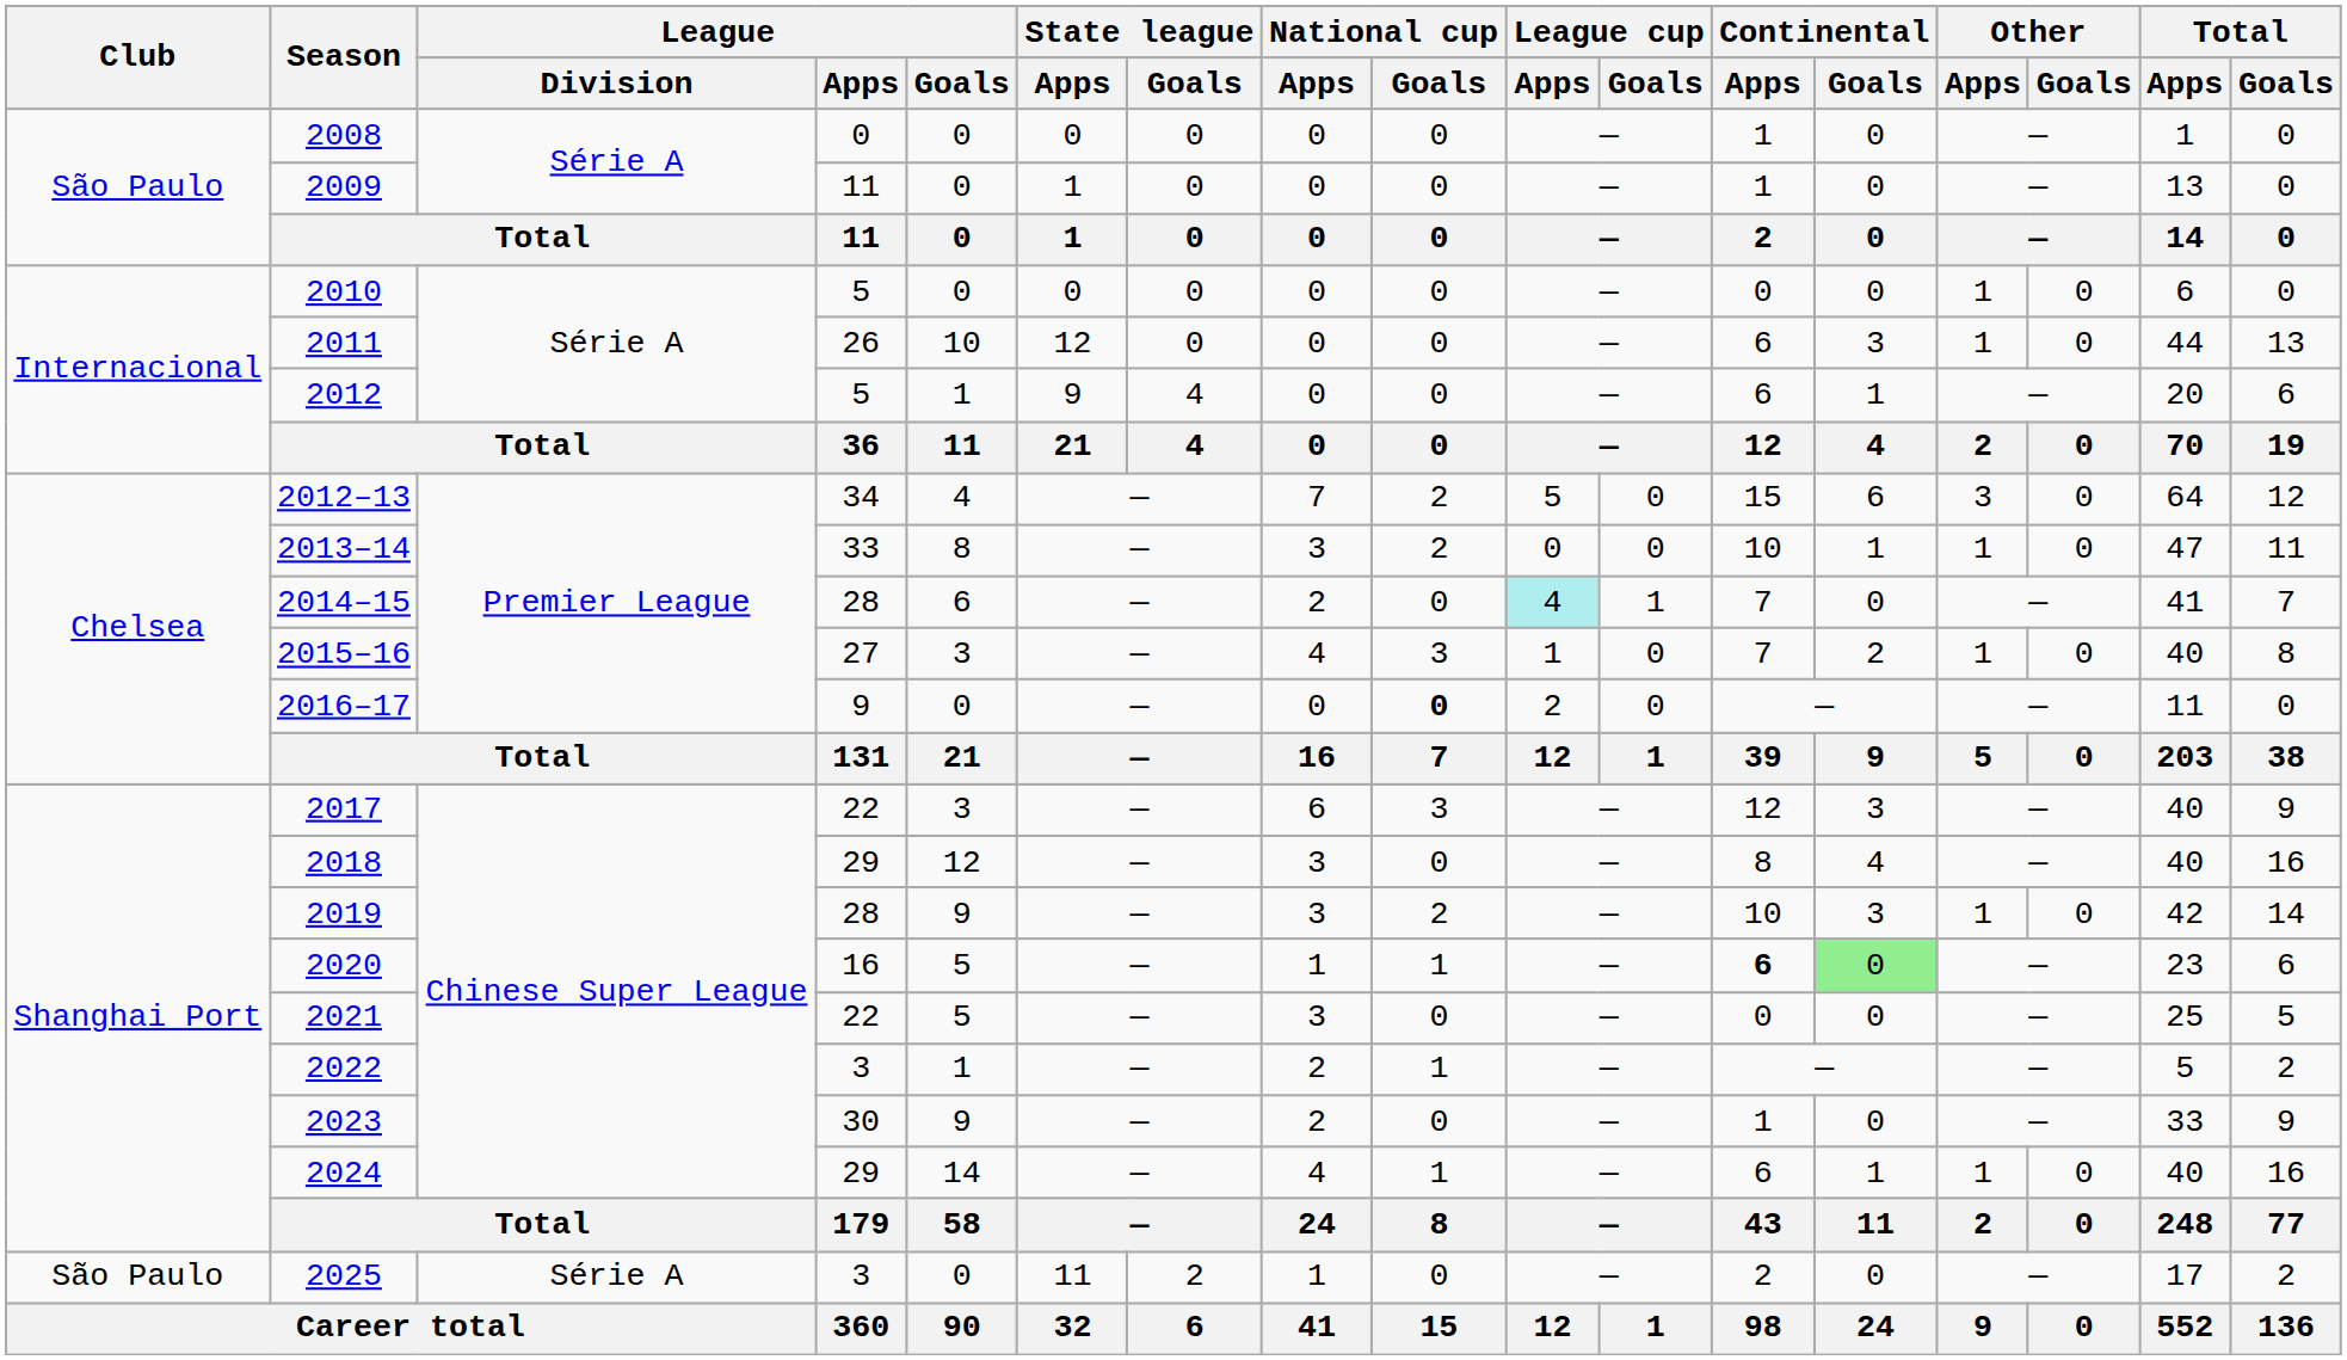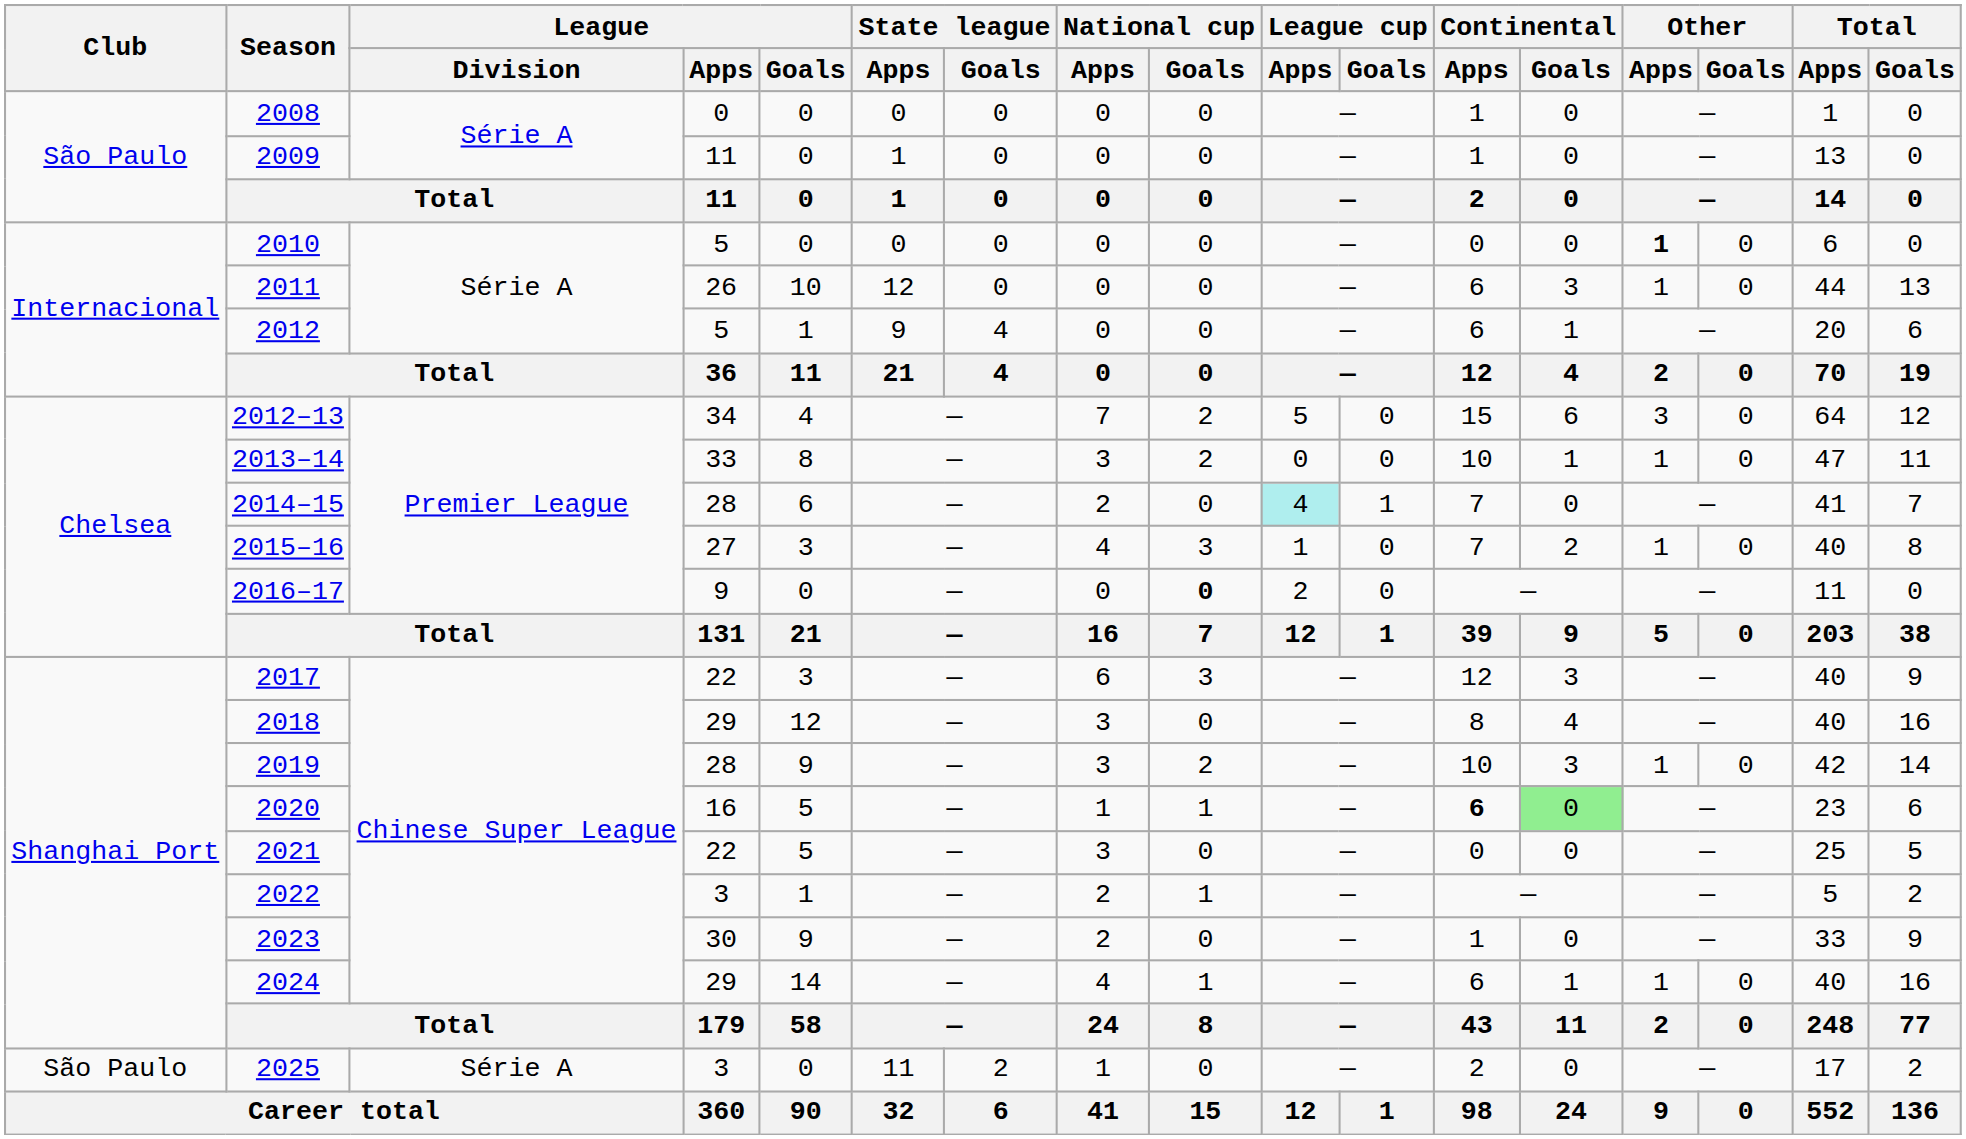 <table class="wikitable" style="text-align: center">
 <tr>
 <th rowspan="2">Club</th>
 <th rowspan="2">Season</th>
 <th colspan="3">League</th>
 <th colspan="2">State league</th>
 <th colspan="2">National cup</th>
 <th colspan="2">League cup</th>
 <th colspan="2">Continental</th>
 <th colspan="2">Other</th>
 <th colspan="2">Total</th>
 </tr>
 <tr>
 <th>Division</th>
 <th>Apps</th>
 <th>Goals</th>
 <th>Apps</th>
 <th>Goals</th>
 <th>Apps</th>
 <th>Goals</th>
 <th>Apps</th>
 <th>Goals</th>
 <th>Apps</th>
 <th>Goals</th>
 <th>Apps</th>
 <th>Goals</th>
 <th>Apps</th>
 <th>Goals</th>
 </tr>
 <tr>
 <td rowspan="3"><a href='#'>São Paulo</a></td>
 <td><a href='#'>2008</a></td>
 <td rowspan="2"><a href='#'>Série A</a></td>
 <td>0</td>
 <td>0</td>
 <td>0</td>
 <td>0</td>
 <td>0</td>
 <td>0</td>
 <td colspan="2">—</td>
 <td>1</td>
 <td>0</td>
 <td colspan="2">—</td>
 <td>1</td>
 <td>0</td>
 </tr>
 <tr>
 <td><a href='#'>2009</a></td>
 <td>11</td>
 <td>0</td>
 <td>1</td>
 <td>0</td>
 <td>0</td>
 <td>0</td>
 <td colspan="2">—</td>
 <td>1</td>
 <td>0</td>
 <td colspan="2">—</td>
 <td>13</td>
 <td>0</td>
 </tr>
 <tr>
 <th colspan="2">Total</th>
 <th>11</th>
 <th>0</th>
 <th>1</th>
 <th>0</th>
 <th>0</th>
 <th>0</th>
 <th colspan="2">—</th>
 <th>2</th>
 <th>0</th>
 <th colspan="2">—</th>
 <th>14</th>
 <th>0</th>
 </tr>
 <tr>
 <td rowspan="4"><a href='#'>Internacional</a></td>
 <td><a href='#'>2010</a></td>
 <td rowspan="3">Série A</td>
 <td>5</td>
 <td>0</td>
 <td>0</td>
 <td>0</td>
 <td>0</td>
 <td>0</td>
 <td colspan="2">—</td>
 <td>0</td>
 <td>0</td>
-<td>1</td>
+<td><strong>1</strong></td>
 <td>0</td>
 <td>6</td>
 <td>0</td>
 </tr>
 <tr>
 <td><a href='#'>2011</a></td>
 <td>26</td>
 <td>10</td>
 <td>12</td>
 <td>0</td>
 <td>0</td>
 <td>0</td>
 <td colspan="2">—</td>
 <td>6</td>
 <td>3</td>
 <td>1</td>
 <td>0</td>
 <td>44</td>
 <td>13</td>
 </tr>
 <tr>
 <td><a href='#'>2012</a></td>
 <td>5</td>
 <td>1</td>
 <td>9</td>
 <td>4</td>
 <td>0</td>
 <td>0</td>
 <td colspan="2">—</td>
 <td>6</td>
 <td>1</td>
 <td colspan="2">—</td>
 <td>20</td>
 <td>6</td>
 </tr>
 <tr>
 <th colspan="2">Total</th>
 <th>36</th>
 <th>11</th>
 <th>21</th>
 <th>4</th>
 <th>0</th>
 <th>0</th>
 <th colspan="2">—</th>
 <th>12</th>
 <th>4</th>
 <th>2</th>
 <th>0</th>
 <th>70</th>
 <th>19</th>
 </tr>
 <tr>
 <td rowspan="6"><a href='#'>Chelsea</a></td>
 <td><a href='#'>2012–13</a></td>
 <td rowspan="5"><a href='#'>Premier League</a></td>
 <td>34</td>
 <td>4</td>
 <td colspan="2">—</td>
 <td>7</td>
 <td>2</td>
 <td>5</td>
 <td>0</td>
 <td>15</td>
 <td>6</td>
 <td>3</td>
 <td>0</td>
 <td>64</td>
 <td>12</td>
 </tr>
 <tr>
 <td><a href='#'>2013–14</a></td>
 <td>33</td>
 <td>8</td>
 <td colspan="2">—</td>
 <td>3</td>
 <td>2</td>
 <td>0</td>
 <td>0</td>
 <td>10</td>
 <td>1</td>
 <td>1</td>
 <td>0</td>
 <td>47</td>
 <td>11</td>
 </tr>
 <tr>
 <td><a href='#'>2014–15</a></td>
 <td>28</td>
 <td>6</td>
 <td colspan="2">—</td>
 <td>2</td>
 <td>0</td>
 <td style="background: paleturquoise;">4</td>
 <td>1</td>
 <td>7</td>
 <td>0</td>
 <td colspan="2">—</td>
 <td>41</td>
 <td>7</td>
 </tr>
 <tr>
 <td><a href='#'>2015–16</a></td>
 <td>27</td>
 <td>3</td>
 <td colspan="2">—</td>
 <td>4</td>
 <td>3</td>
 <td>1</td>
 <td>0</td>
 <td>7</td>
 <td>2</td>
 <td>1</td>
 <td>0</td>
 <td>40</td>
 <td>8</td>
 </tr>
 <tr>
 <td><a href='#'>2016–17</a></td>
 <td>9</td>
 <td>0</td>
 <td colspan="2">—</td>
 <td>0</td>
 <td><strong>0</strong></td>
 <td>2</td>
 <td>0</td>
 <td colspan="2">—</td>
 <td colspan="2">—</td>
 <td>11</td>
 <td>0</td>
 </tr>
 <tr>
 <th colspan="2">Total</th>
 <th>131</th>
 <th>21</th>
 <th colspan="2">—</th>
 <th>16</th>
 <th>7</th>
 <th>12</th>
 <th>1</th>
 <th>39</th>
 <th>9</th>
 <th>5</th>
 <th>0</th>
 <th>203</th>
 <th>38</th>
 </tr>
 <tr>
 <td rowspan="9"><a href='#'>Shanghai Port</a></td>
 <td><a href='#'>2017</a></td>
 <td rowspan="8"><a href='#'>Chinese Super League</a></td>
 <td>22</td>
 <td>3</td>
 <td colspan="2">—</td>
 <td>6</td>
 <td>3</td>
 <td colspan="2">—</td>
 <td>12</td>
 <td>3</td>
 <td colspan="2">—</td>
 <td>40</td>
 <td>9</td>
 </tr>
 <tr>
 <td><a href='#'>2018</a></td>
 <td>29</td>
 <td>12</td>
 <td colspan="2">—</td>
 <td>3</td>
 <td>0</td>
 <td colspan="2">—</td>
 <td>8</td>
 <td>4</td>
 <td colspan="2">—</td>
 <td>40</td>
 <td>16</td>
 </tr>
 <tr>
 <td><a href='#'>2019</a></td>
 <td>28</td>
 <td>9</td>
 <td colspan="2">—</td>
 <td>3</td>
 <td>2</td>
 <td colspan="2">—</td>
 <td>10</td>
 <td>3</td>
 <td>1</td>
 <td>0</td>
 <td>42</td>
 <td>14</td>
 </tr>
 <tr>
 <td><a href='#'>2020</a></td>
 <td>16</td>
 <td>5</td>
 <td colspan="2">—</td>
 <td>1</td>
 <td>1</td>
 <td colspan="2">—</td>
 <td><strong>6</strong></td>
 <td style="background: lightgreen;">0</td>
 <td colspan="2">—</td>
 <td>23</td>
 <td>6</td>
 </tr>
 <tr>
 <td><a href='#'>2021</a></td>
 <td>22</td>
 <td>5</td>
 <td colspan="2">—</td>
 <td>3</td>
 <td>0</td>
 <td colspan="2">—</td>
 <td>0</td>
 <td>0</td>
 <td colspan="2">—</td>
 <td>25</td>
 <td>5</td>
 </tr>
 <tr>
 <td><a href='#'>2022</a></td>
 <td>3</td>
 <td>1</td>
 <td colspan="2">—</td>
 <td>2</td>
 <td>1</td>
 <td colspan="2">—</td>
 <td colspan="2">—</td>
 <td colspan="2">—</td>
 <td>5</td>
 <td>2</td>
 </tr>
 <tr>
 <td><a href='#'>2023</a></td>
 <td>30</td>
 <td>9</td>
 <td colspan="2">—</td>
 <td>2</td>
 <td>0</td>
 <td colspan="2">—</td>
 <td>1</td>
 <td>0</td>
 <td colspan="2">—</td>
 <td>33</td>
 <td>9</td>
 </tr>
 <tr>
 <td><a href='#'>2024</a></td>
 <td>29</td>
 <td>14</td>
 <td colspan="2">—</td>
 <td>4</td>
 <td>1</td>
 <td colspan="2">—</td>
 <td>6</td>
 <td>1</td>
 <td>1</td>
 <td>0</td>
 <td>40</td>
 <td>16</td>
 </tr>
 <tr>
 <th colspan="2">Total</th>
 <th>179</th>
 <th>58</th>
 <th colspan="2">—</th>
 <th>24</th>
 <th>8</th>
 <th colspan="2">—</th>
 <th>43</th>
 <th>11</th>
 <th>2</th>
 <th>0</th>
 <th>248</th>
 <th>77</th>
 </tr>
 <tr>
 <td>São Paulo</td>
 <td><a href='#'>2025</a></td>
 <td>Série A</td>
 <td>3</td>
 <td>0</td>
 <td>11</td>
 <td>2</td>
 <td>1</td>
 <td>0</td>
 <td colspan="2">—</td>
 <td>2</td>
 <td>0</td>
 <td colspan="2">—</td>
 <td>17</td>
 <td>2</td>
 </tr>
 <tr>
 <th colspan="3">Career total</th>
 <th>360</th>
 <th>90</th>
 <th>32</th>
 <th>6</th>
 <th>41</th>
 <th>15</th>
 <th>12</th>
 <th>1</th>
 <th>98</th>
 <th>24</th>
 <th>9</th>
 <th>0</th>
 <th>552</th>
 <th>136</th>
 </tr>
 </table>
